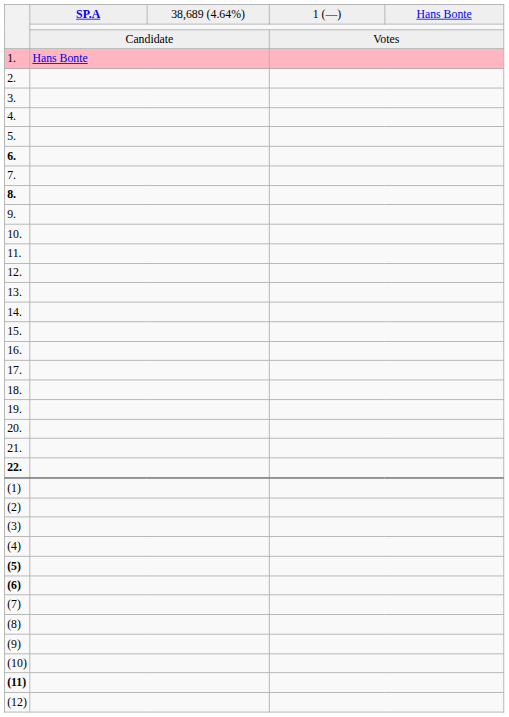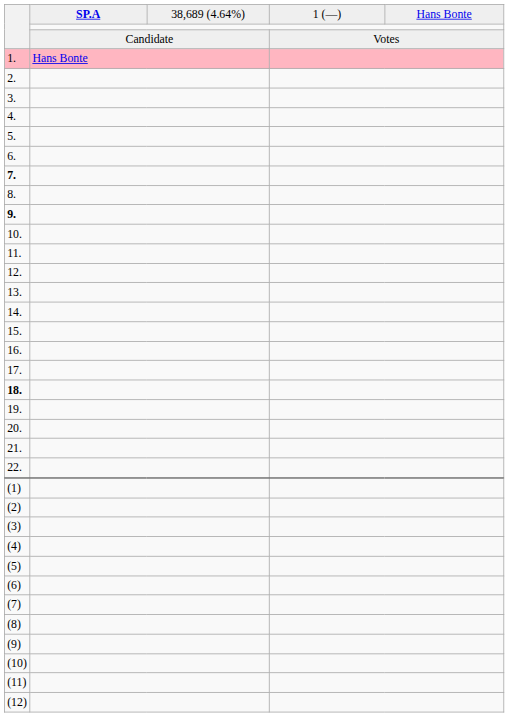 <table class="wikitable collapsible collapsed" style=text-align:left;font-size:90%>
 <tr>
 <th rowspan=3></th>
 <td bgcolor=efefef width=200 align=center><strong> <a href='#'>SP.A</a> </strong></td>
 <td bgcolor=efefef width=200 align=center>38,689 (4.64%)</td>
 <td bgcolor=efefef width=200 align=center>1 (—)</td>
 <td bgcolor=efefef width=200 align=center><a href='#'>Hans Bonte</a></td>
 </tr>
 <tr>
 <td colspan=4 bgcolor=></td>
 </tr>
 <tr>
 <td bgcolor=efefef align=center colspan=2>Candidate</td>
 <td bgcolor=efefef align=center colspan=2>Votes</td>
 </tr>
 <tr bgcolor=lightpink>
 <td>1.</td>
 <td colspan=2><a href='#'>Hans Bonte</a></td>
 <td colspan=2></td>
 </tr>
 <tr>
 <td>2.</td>
 <td colspan=2></td>
 <td colspan=2></td>
 </tr>
 <tr>
 <td>3.</td>
 <td colspan=2></td>
 <td colspan=2></td>
 </tr>
 <tr>
 <td>4.</td>
 <td colspan=2></td>
 <td colspan=2></td>
 </tr>
 <tr>
 <td>5.</td>
 <td colspan=2></td>
 <td colspan=2></td>
 </tr>
 <tr>
-<td><strong>6.</strong></td>
+<td>6.</td>
 <td colspan=2></td>
 <td colspan=2></td>
 </tr>
 <tr>
-<td>7.</td>
+<td><strong>7.</strong></td>
 <td colspan=2></td>
 <td colspan=2></td>
 </tr>
 <tr>
-<td><strong>8.</strong></td>
+<td>8.</td>
 <td colspan=2></td>
 <td colspan=2></td>
 </tr>
 <tr>
-<td>9.</td>
+<td><strong>9.</strong></td>
 <td colspan=2></td>
 <td colspan=2></td>
 </tr>
 <tr>
 <td>10.</td>
 <td colspan=2></td>
 <td colspan=2></td>
 </tr>
 <tr>
 <td>11.</td>
 <td colspan=2></td>
 <td colspan=2></td>
 </tr>
 <tr>
 <td>12.</td>
 <td colspan=2></td>
 <td colspan=2></td>
 </tr>
 <tr>
 <td>13.</td>
 <td colspan=2></td>
 <td colspan=2></td>
 </tr>
 <tr>
 <td>14.</td>
 <td colspan=2></td>
 <td colspan=2></td>
 </tr>
 <tr>
 <td>15.</td>
 <td colspan=2></td>
 <td colspan=2></td>
 </tr>
 <tr>
 <td>16.</td>
 <td colspan=2></td>
 <td colspan=2></td>
 </tr>
 <tr>
 <td>17.</td>
 <td colspan=2></td>
 <td colspan=2></td>
 </tr>
 <tr>
-<td>18.</td>
+<td><strong>18.</strong></td>
 <td colspan=2></td>
 <td colspan=2></td>
 </tr>
 <tr>
 <td>19.</td>
 <td colspan=2></td>
 <td colspan=2></td>
 </tr>
 <tr>
 <td>20.</td>
 <td colspan=2></td>
 <td colspan=2></td>
 </tr>
 <tr>
 <td>21.</td>
 <td colspan=2></td>
 <td colspan=2></td>
 </tr>
 <tr>
-<td><strong>22.</strong></td>
+<td>22.</td>
 <td colspan=2></td>
 <td colspan=2></td>
 </tr>
 <tr style="border-top:2px solid gray;">
 <td>(1)</td>
 <td colspan=2></td>
 <td colspan=2></td>
 </tr>
 <tr>
 <td>(2)</td>
 <td colspan=2></td>
 <td colspan=2></td>
 </tr>
 <tr>
 <td>(3)</td>
 <td colspan=2></td>
 <td colspan=2></td>
 </tr>
 <tr>
 <td>(4)</td>
 <td colspan=2></td>
 <td colspan=2></td>
 </tr>
 <tr>
-<td><strong>(5)</strong></td>
+<td>(5)</td>
 <td colspan=2></td>
 <td colspan=2></td>
 </tr>
 <tr>
-<td><strong>(6)</strong></td>
+<td>(6)</td>
 <td colspan=2></td>
 <td colspan=2></td>
 </tr>
 <tr>
 <td>(7)</td>
 <td colspan=2></td>
 <td colspan=2></td>
 </tr>
 <tr>
 <td>(8)</td>
 <td colspan=2></td>
 <td colspan=2></td>
 </tr>
 <tr>
 <td>(9)</td>
 <td colspan=2></td>
 <td colspan=2></td>
 </tr>
 <tr>
 <td>(10)</td>
 <td colspan=2></td>
 <td colspan=2></td>
 </tr>
 <tr>
-<td><strong>(11)</strong></td>
+<td>(11)</td>
 <td colspan=2></td>
 <td colspan=2></td>
 </tr>
 <tr>
 <td>(12)</td>
 <td colspan=2></td>
 <td colspan=2></td>
 </tr>
 </table>
